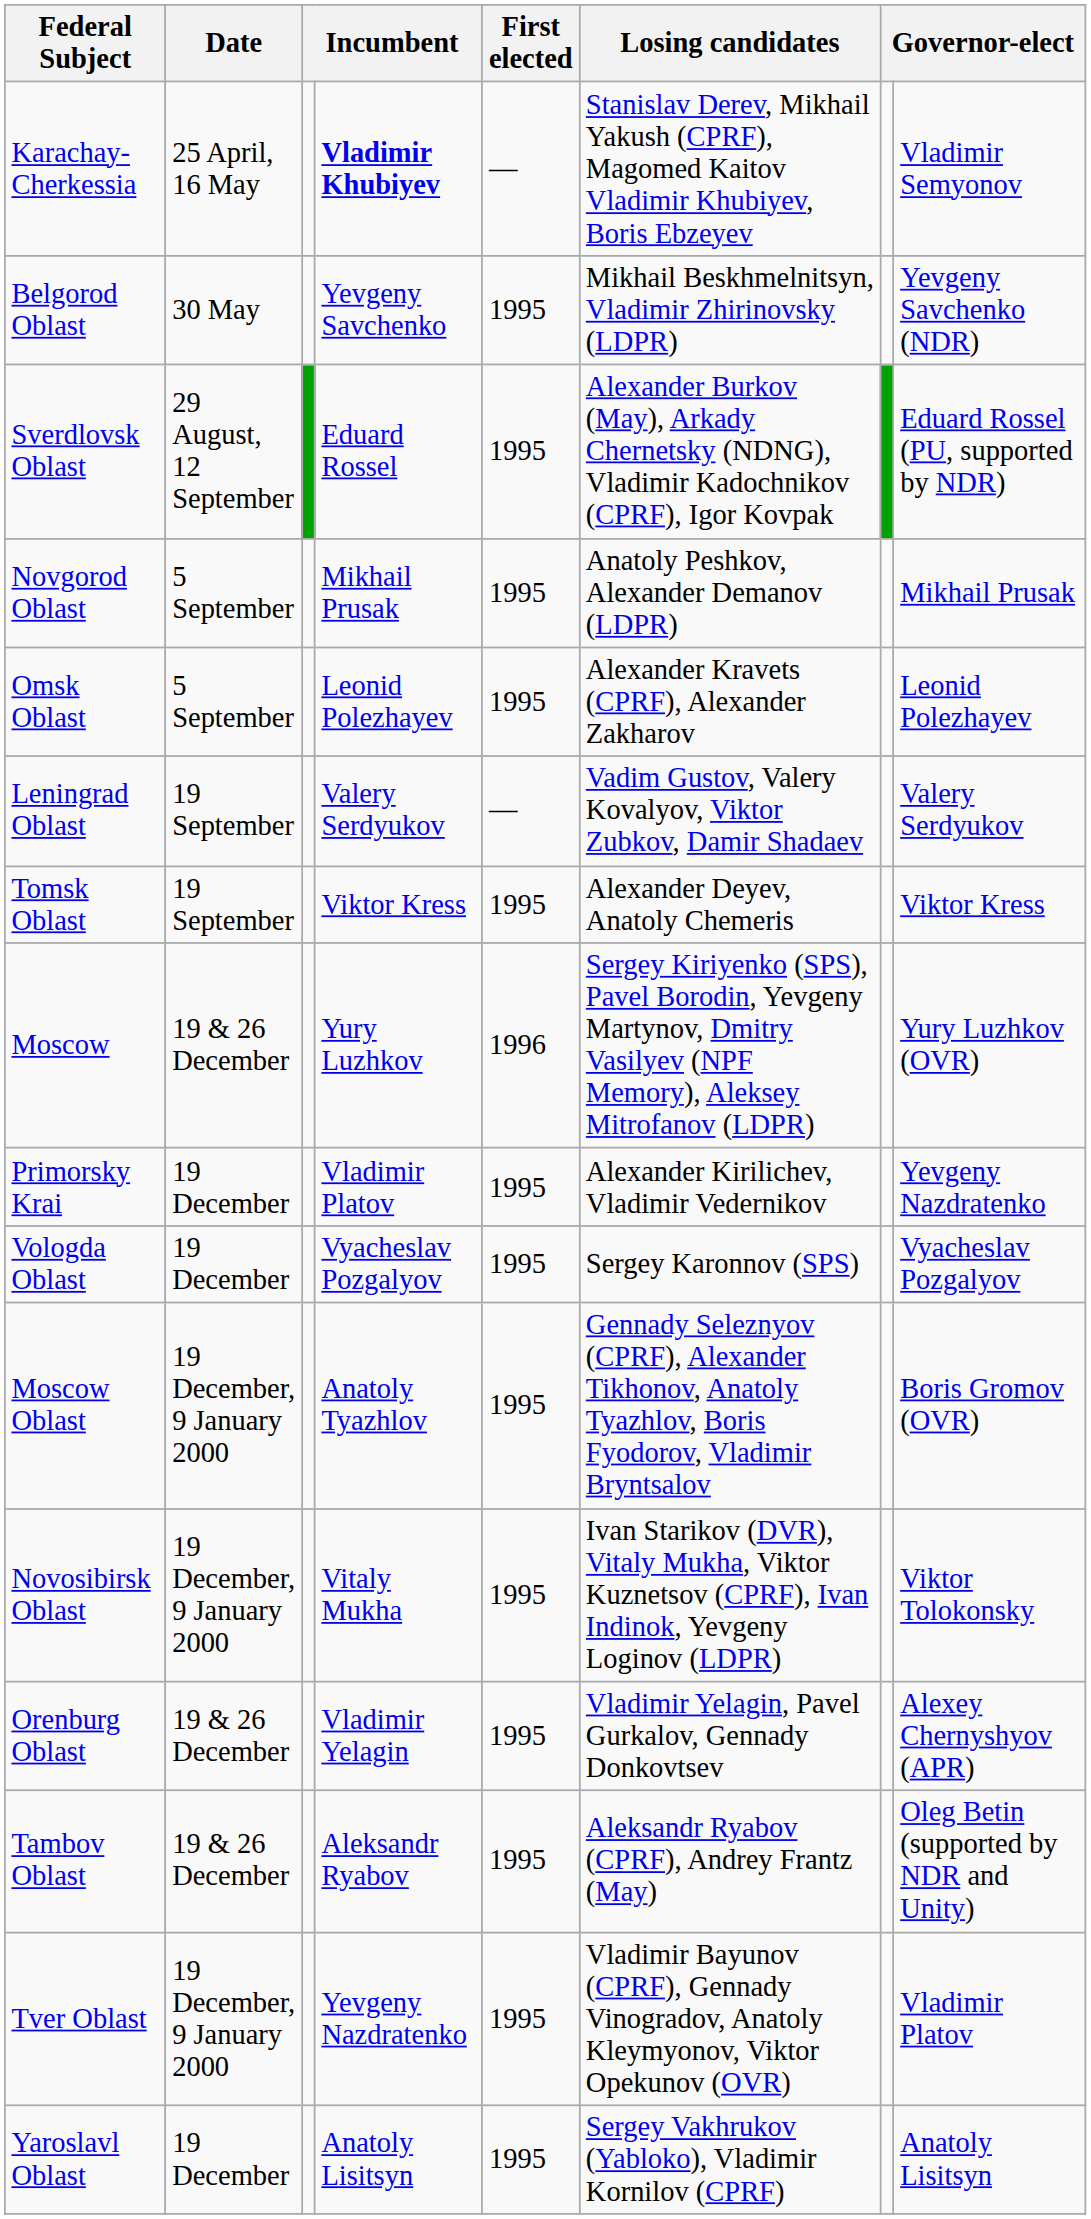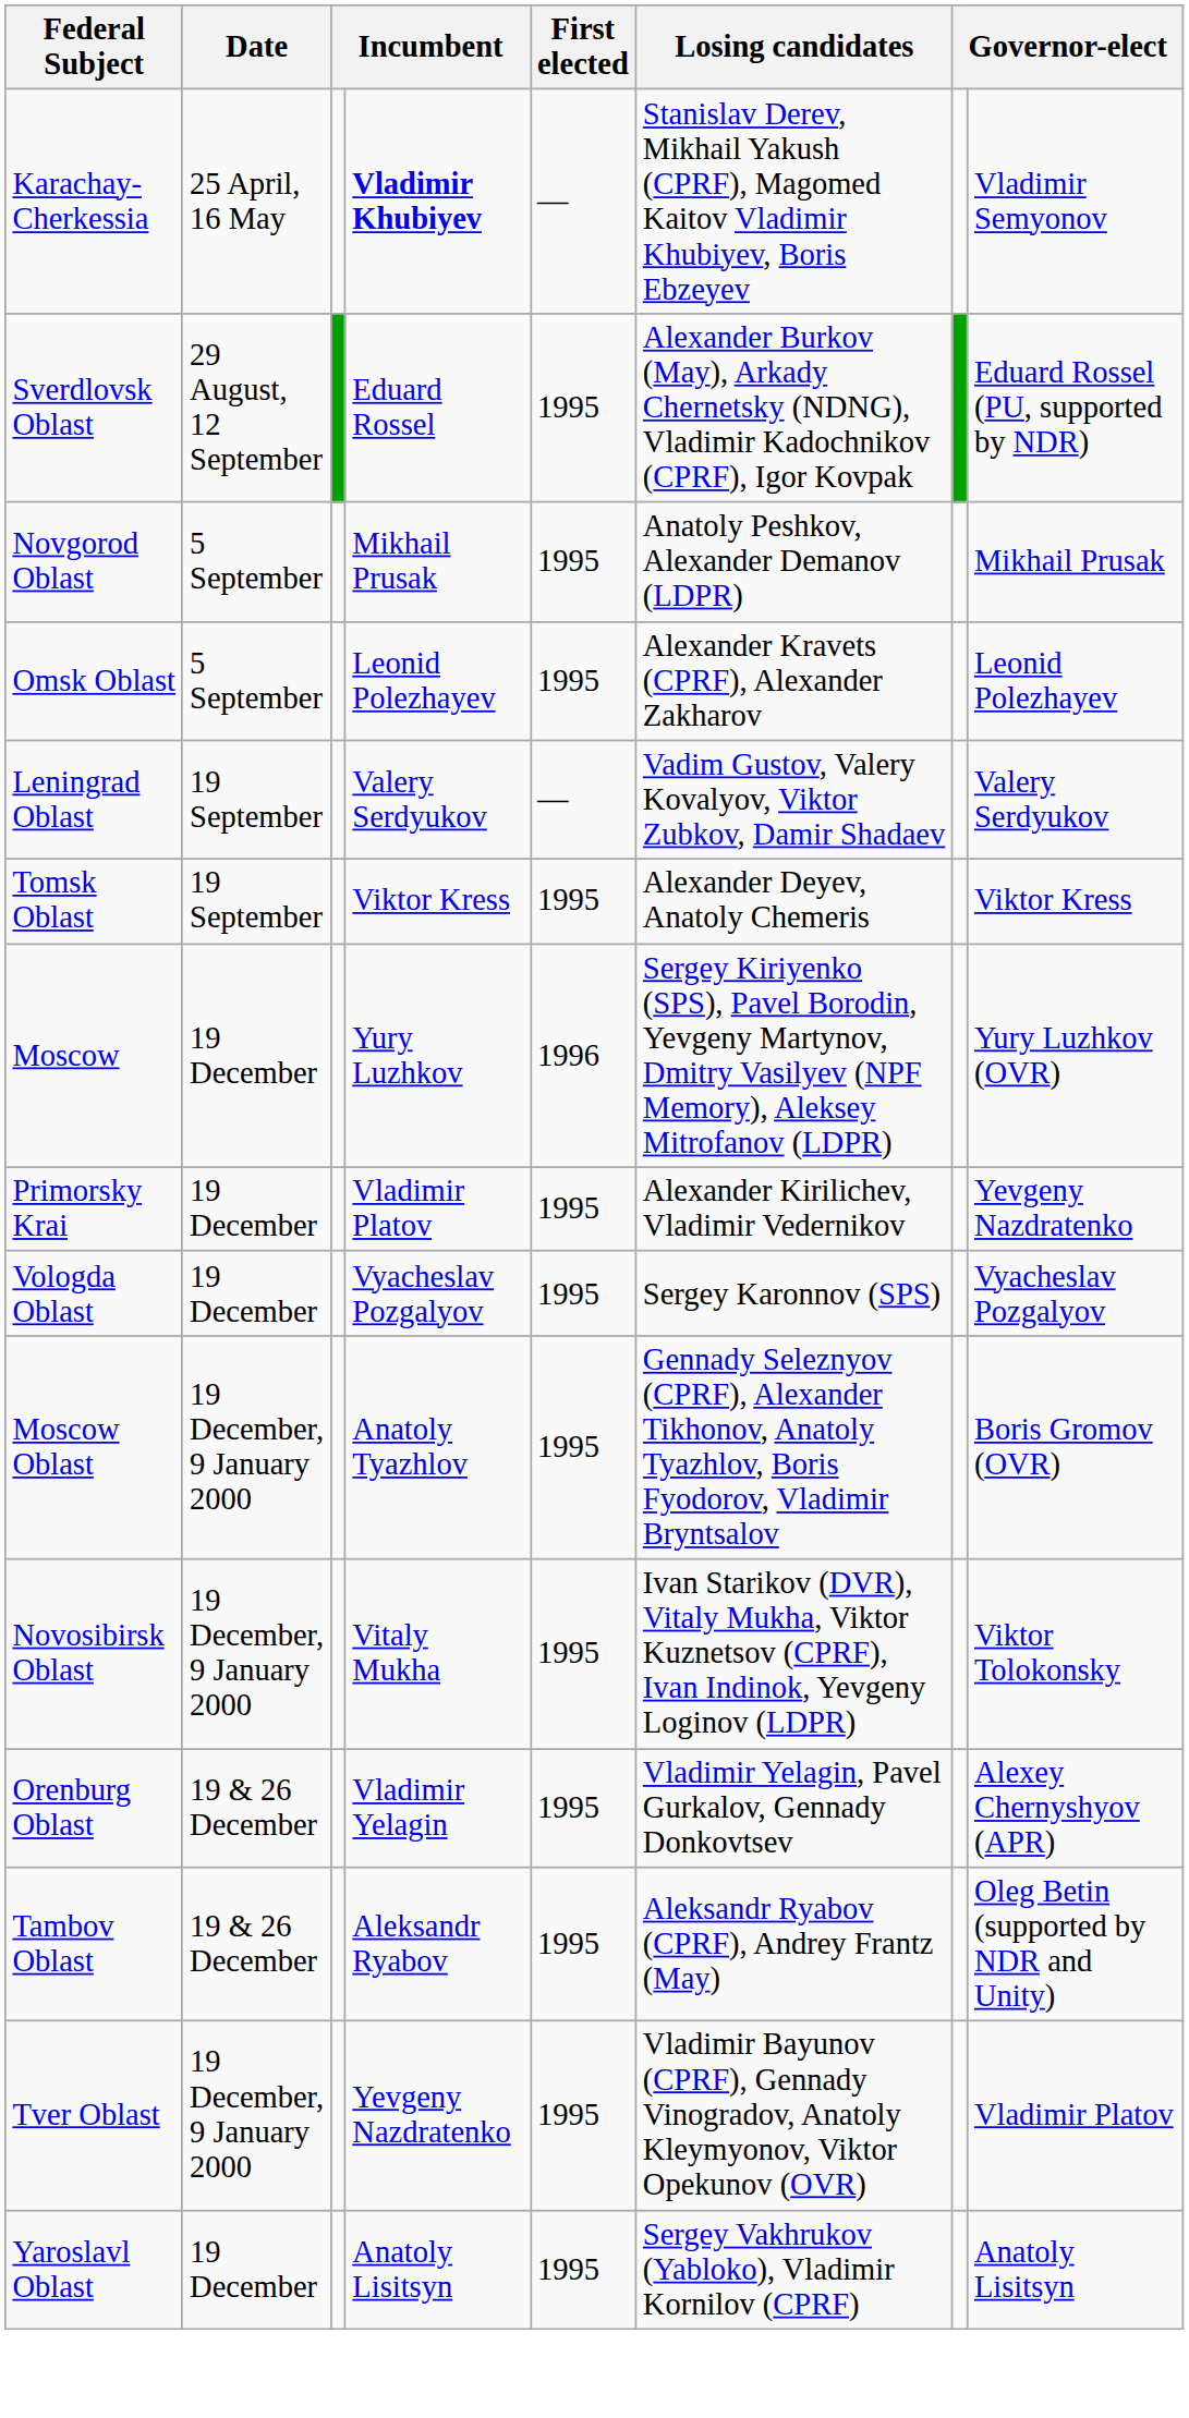 <table class="wikitable sortable">
 <tr>
 <th>Federal Subject</th>
 <th style="width: 10%">Date</th>
 <th colspan = 2>Incumbent</th>
 <th>First<br>elected</th>
 <th>Losing candidates</th>
 <th colspan = 2>Governor-elect</th>
 </tr>
 <tr>
 <td><a href='#'>Karachay-Cherkessia</a></td>
 <td>25 April,<br>16 May</td>
 <td style="background:"></td>
 <td><strong><a href='#'>Vladimir Khubiyev</a></strong></td>
 <td>—</td>
 <td><a href='#'>Stanislav Derev</a>, Mikhail Yakush (<a href='#'>CPRF</a>), Magomed Kaitov <a href='#'>Vladimir Khubiyev</a>, <a href='#'>Boris Ebzeyev</a></td>
 <td style="background:"></td>
 <td><a href='#'>Vladimir Semyonov</a></td>
-</tr>
-<tr>
-<td><a href='#'>Belgorod Oblast</a></td>
-<td>30 May</td>
-<td style="background:"></td>
-<td><a href='#'>Yevgeny Savchenko</a></td>
-<td>1995</td>
-<td>Mikhail Beskhmelnitsyn, <a href='#'>Vladimir Zhirinovsky</a> (<a href='#'>LDPR</a>)</td>
-<td style="background:"></td>
-<td><a href='#'>Yevgeny Savchenko</a> (<a href='#'>NDR</a>)</td>
 </tr>
 <tr>
 <td><a href='#'>Sverdlovsk Oblast</a></td>
 <td>29 August,<br>12 September</td>
 <td style="background:#00A200"></td>
 <td><a href='#'>Eduard Rossel</a></td>
 <td>1995</td>
 <td><a href='#'>Alexander Burkov</a> (<a href='#'>May</a>), <a href='#'>Arkady Chernetsky</a> (NDNG), Vladimir Kadochnikov (<a href='#'>CPRF</a>), Igor Kovpak</td>
 <td style="background:#00A200"></td>
 <td><a href='#'>Eduard Rossel</a> (<a href='#'>PU</a>, supported by <a href='#'>NDR</a>)</td>
 </tr>
 <tr>
 <td><a href='#'>Novgorod Oblast</a></td>
 <td>5 September</td>
 <td style="background:"></td>
 <td><a href='#'>Mikhail Prusak</a></td>
 <td>1995</td>
 <td>Anatoly Peshkov, Alexander Demanov (<a href='#'>LDPR</a>)</td>
 <td style="background:"></td>
 <td><a href='#'>Mikhail Prusak</a></td>
 </tr>
 <tr>
 <td><a href='#'>Omsk Oblast</a></td>
 <td>5 September</td>
 <td style="background:"></td>
 <td><a href='#'>Leonid Polezhayev</a></td>
 <td>1995</td>
 <td>Alexander Kravets (<a href='#'>CPRF</a>), Alexander Zakharov</td>
 <td style="background:"></td>
 <td><a href='#'>Leonid Polezhayev</a></td>
 </tr>
 <tr>
 <td><a href='#'>Leningrad Oblast</a></td>
 <td>19 September</td>
 <td style="background:"></td>
 <td><a href='#'>Valery Serdyukov</a></td>
 <td>—</td>
 <td><a href='#'>Vadim Gustov</a>, Valery Kovalyov, <a href='#'>Viktor Zubkov</a>, <a href='#'>Damir Shadaev</a></td>
 <td style="background:"></td>
 <td><a href='#'>Valery Serdyukov</a></td>
 </tr>
 <tr>
 <td><a href='#'>Tomsk Oblast</a></td>
 <td>19 September</td>
 <td style="background:"></td>
 <td><a href='#'>Viktor Kress</a></td>
 <td>1995</td>
 <td>Alexander Deyev, Anatoly Chemeris</td>
 <td style="background:"></td>
 <td><a href='#'>Viktor Kress</a></td>
 </tr>
 <tr>
 <td><a href='#'>Moscow</a></td>
-<td>19 & 26 December</td>
+<td>19 December</td>
 <td style="background:"></td>
 <td><a href='#'>Yury Luzhkov</a></td>
 <td>1996</td>
 <td><a href='#'>Sergey Kiriyenko</a> (<a href='#'>SPS</a>), <a href='#'>Pavel Borodin</a>, Yevgeny Martynov, <a href='#'>Dmitry Vasilyev</a> (<a href='#'>NPF Memory</a>), <a href='#'>Aleksey Mitrofanov</a> (<a href='#'>LDPR</a>)</td>
 <td style="background:"></td>
 <td><a href='#'>Yury Luzhkov</a> (<a href='#'>OVR</a>)</td>
 </tr>
 <tr>
 <td><a href='#'>Primorsky Krai</a></td>
 <td>19 December</td>
 <td style="background:"></td>
 <td><a href='#'>Vladimir Platov</a></td>
 <td>1995</td>
 <td>Alexander Kirilichev, Vladimir Vedernikov</td>
 <td style="background:"></td>
 <td><a href='#'>Yevgeny Nazdratenko</a></td>
 </tr>
 <tr>
 <td><a href='#'>Vologda Oblast</a></td>
 <td>19 December</td>
 <td style="background:"></td>
 <td><a href='#'>Vyacheslav Pozgalyov</a></td>
 <td>1995</td>
 <td>Sergey Karonnov (<a href='#'>SPS</a>)</td>
 <td style="background:"></td>
 <td><a href='#'>Vyacheslav Pozgalyov</a></td>
 </tr>
 <tr>
 <td><a href='#'>Moscow Oblast</a></td>
 <td>19 December,<br>9 January 2000</td>
 <td style="background:"></td>
 <td><a href='#'>Anatoly Tyazhlov</a></td>
 <td>1995</td>
 <td><a href='#'>Gennady Seleznyov</a> (<a href='#'>CPRF</a>), <a href='#'>Alexander Tikhonov</a>, <a href='#'>Anatoly Tyazhlov</a>, <a href='#'>Boris Fyodorov</a>, <a href='#'>Vladimir Bryntsalov</a></td>
 <td style="background:"></td>
 <td><a href='#'>Boris Gromov</a> (<a href='#'>OVR</a>)</td>
 </tr>
 <tr>
 <td><a href='#'>Novosibirsk Oblast</a></td>
 <td>19 December,<br>9 January 2000</td>
 <td style="background:"></td>
 <td><a href='#'>Vitaly Mukha</a></td>
 <td>1995</td>
 <td>Ivan Starikov (<a href='#'>DVR</a>), <a href='#'>Vitaly Mukha</a>, Viktor Kuznetsov (<a href='#'>CPRF</a>), <a href='#'>Ivan Indinok</a>, Yevgeny Loginov (<a href='#'>LDPR</a>)</td>
 <td style="background:"></td>
 <td><a href='#'>Viktor Tolokonsky</a></td>
 </tr>
 <tr>
 <td><a href='#'>Orenburg Oblast</a></td>
 <td>19 & 26 December</td>
 <td style="background:"></td>
 <td><a href='#'>Vladimir Yelagin</a></td>
 <td>1995</td>
 <td><a href='#'>Vladimir Yelagin</a>, Pavel Gurkalov, Gennady Donkovtsev</td>
 <td style="background:"></td>
 <td><a href='#'>Alexey Chernyshyov</a> (<a href='#'>APR</a>)</td>
 </tr>
 <tr>
 <td><a href='#'>Tambov Oblast</a></td>
 <td>19 & 26 December</td>
 <td style="background:"></td>
 <td><a href='#'>Aleksandr Ryabov</a></td>
 <td>1995</td>
 <td><a href='#'>Aleksandr Ryabov</a> (<a href='#'>CPRF</a>), Andrey Frantz (<a href='#'>May</a>)</td>
 <td style="background:"></td>
 <td><a href='#'>Oleg Betin</a> (supported by <a href='#'>NDR</a> and <a href='#'>Unity</a>)</td>
 </tr>
 <tr>
 <td><a href='#'>Tver Oblast</a></td>
 <td>19 December,<br>9 January 2000</td>
 <td style="background:"></td>
 <td><a href='#'>Yevgeny Nazdratenko</a></td>
 <td>1995</td>
 <td>Vladimir Bayunov (<a href='#'>CPRF</a>), Gennady Vinogradov, Anatoly Kleymyonov, Viktor Opekunov (<a href='#'>OVR</a>)</td>
 <td style="background:"></td>
 <td><a href='#'>Vladimir Platov</a></td>
 </tr>
 <tr>
 <td><a href='#'>Yaroslavl Oblast</a></td>
 <td>19 December</td>
 <td style="background:"></td>
 <td><a href='#'>Anatoly Lisitsyn</a></td>
 <td>1995</td>
 <td><a href='#'>Sergey Vakhrukov</a> (<a href='#'>Yabloko</a>), Vladimir Kornilov (<a href='#'>CPRF</a>)</td>
 <td style="background:"></td>
 <td><a href='#'>Anatoly Lisitsyn</a></td>
 </tr>
 </table>
